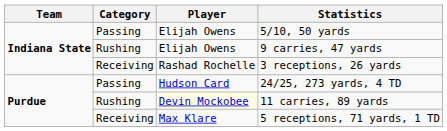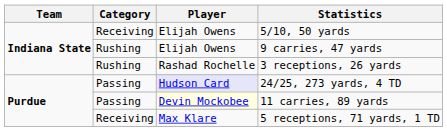 <table class="wikitable" style="float: right;">
 <tr>
 <th>Team</th>
 <th>Category</th>
 <th>Player</th>
 <th>Statistics</th>
 </tr>
 <tr>
 <td rowspan=3><strong>Indiana State</strong></td>
-<td>Passing</td>
+<td>Receiving</td>
 <td>Elijah Owens</td>
 <td>5/10, 50 yards</td>
 </tr>
 <tr>
 <td>Rushing</td>
 <td>Elijah Owens</td>
 <td>9 carries, 47 yards</td>
 </tr>
 <tr>
-<td>Receiving</td>
+<td>Rushing</td>
 <td>Rashad Rochelle</td>
 <td>3 receptions, 26 yards</td>
 </tr>
 <tr>
 <td rowspan=3><strong>Purdue</strong></td>
 <td>Passing</td>
-<td><a href='#'>Hudson Card</a></td>
+<td style="background: lavender;"><a href='#'>Hudson Card</a></td>
 <td>24/25, 273 yards, 4 TD</td>
 </tr>
 <tr>
-<td>Rushing</td>
+<td>Passing</td>
 <td style="background: lightyellow;"><a href='#'>Devin Mockobee</a></td>
 <td>11 carries, 89 yards</td>
 </tr>
 <tr>
 <td>Receiving</td>
 <td><a href='#'>Max Klare</a></td>
 <td>5 receptions, 71 yards, 1 TD</td>
 </tr>
 </table>
